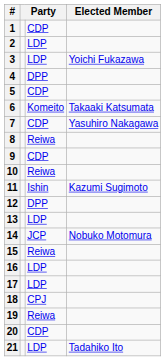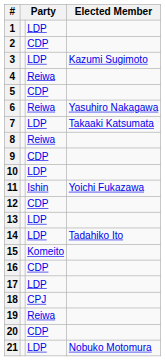 <table class="wikitable">
 <tr>
 <th>#</th>
 <th colspan="2">Party</th>
 <th>Elected Member</th>
 </tr>
 <tr>
 <th>1</th>
 <td style="background:"></td>
-<td><a href='#'>CDP</a></td>
+<td><a href='#'>LDP</a></td>
 <td></td>
 </tr>
 <tr>
 <th>2</th>
 <td style="background:"></td>
-<td><a href='#'>LDP</a></td>
+<td><a href='#'>CDP</a></td>
 <td></td>
 </tr>
 <tr>
 <th>3</th>
 <td style="background:"></td>
 <td><a href='#'>LDP</a></td>
-<td><a href='#'>Yoichi Fukazawa</a></td>
+<td><a href='#'>Kazumi Sugimoto</a></td>
 </tr>
 <tr>
 <th>4</th>
 <td style="background:"></td>
-<td><a href='#'>DPP</a></td>
+<td><a href='#'>Reiwa</a></td>
 <td></td>
 </tr>
 <tr>
 <th>5</th>
 <td style="background:"></td>
 <td><a href='#'>CDP</a></td>
 <td></td>
 </tr>
 <tr>
 <th>6</th>
 <td style="background:"></td>
-<td><a href='#'>Komeito</a></td>
-<td><a href='#'>Takaaki Katsumata</a></td>
+<td><a href='#'>Reiwa</a></td>
+<td><a href='#'>Yasuhiro Nakagawa</a></td>
 </tr>
 <tr>
 <th>7</th>
 <td style="background:"></td>
-<td><a href='#'>CDP</a></td>
-<td><a href='#'>Yasuhiro Nakagawa</a></td>
+<td><a href='#'>LDP</a></td>
+<td><a href='#'>Takaaki Katsumata</a></td>
 </tr>
 <tr>
 <th>8</th>
 <td style="background:"></td>
 <td><a href='#'>Reiwa</a></td>
 <td></td>
 </tr>
 <tr>
 <th>9</th>
 <td style="background:"></td>
 <td><a href='#'>CDP</a></td>
 <td></td>
 </tr>
 <tr>
 <th>10</th>
 <td style="background:"></td>
-<td><a href='#'>Reiwa</a></td>
+<td><a href='#'>LDP</a></td>
 <td></td>
 </tr>
 <tr>
 <th>11</th>
 <td style="background:"></td>
 <td><a href='#'>Ishin</a></td>
-<td><a href='#'>Kazumi Sugimoto</a></td>
+<td><a href='#'>Yoichi Fukazawa</a></td>
 </tr>
 <tr>
 <th>12</th>
 <td style="background:"></td>
-<td><a href='#'>DPP</a></td>
+<td><a href='#'>CDP</a></td>
 <td></td>
 </tr>
 <tr>
 <th>13</th>
 <td style="background:"></td>
 <td><a href='#'>LDP</a></td>
 <td></td>
 </tr>
 <tr>
 <th>14</th>
 <td style="background:"></td>
-<td><a href='#'>JCP</a></td>
-<td><a href='#'>Nobuko Motomura</a></td>
+<td><a href='#'>LDP</a></td>
+<td><a href='#'>Tadahiko Ito</a></td>
 </tr>
 <tr>
 <th>15</th>
 <td style="background:"></td>
-<td><a href='#'>Reiwa</a></td>
+<td><a href='#'>Komeito</a></td>
 <td></td>
 </tr>
 <tr>
 <th>16</th>
 <td style="background:"></td>
-<td><a href='#'>LDP</a></td>
+<td><a href='#'>CDP</a></td>
 <td></td>
 </tr>
 <tr>
 <th>17</th>
 <td style="background:"></td>
 <td><a href='#'>LDP</a></td>
 <td></td>
 </tr>
 <tr>
 <th>18</th>
 <td style="background:"></td>
 <td><a href='#'>CPJ</a></td>
 <td></td>
 </tr>
 <tr>
 <th>19</th>
 <td style="background:"></td>
 <td><a href='#'>Reiwa</a></td>
 <td></td>
 </tr>
 <tr>
 <th>20</th>
 <td style="background:"></td>
 <td><a href='#'>CDP</a></td>
 <td></td>
 </tr>
 <tr>
 <th>21</th>
 <td style="background:"></td>
 <td><a href='#'>LDP</a></td>
-<td><a href='#'>Tadahiko Ito</a></td>
+<td><a href='#'>Nobuko Motomura</a></td>
 </tr>
 </table>
